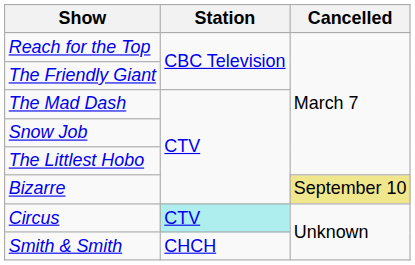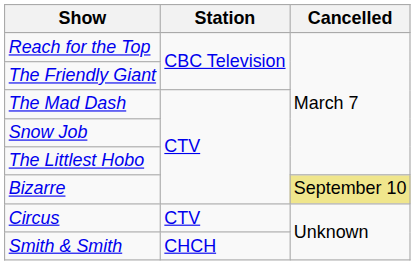 <table class="wikitable">
 <tr>
 <th>Show</th>
 <th>Station</th>
 <th>Cancelled</th>
 </tr>
 <tr>
 <td><em><a href='#'>Reach for the Top</a></em></td>
 <td rowspan="2"><a href='#'>CBC Television</a></td>
 <td rowspan="5">March 7</td>
 </tr>
 <tr>
 <td><em><a href='#'>The Friendly Giant</a></em></td>
 </tr>
 <tr>
 <td><em><a href='#'>The Mad Dash</a></em></td>
 <td rowspan="4"><a href='#'>CTV</a></td>
 </tr>
 <tr>
 <td><em><a href='#'>Snow Job</a></em></td>
 </tr>
 <tr>
 <td><em><a href='#'>The Littlest Hobo</a></em></td>
 </tr>
 <tr>
 <td><em><a href='#'>Bizarre</a></em></td>
 <td style="background: khaki;">September 10</td>
 </tr>
 <tr>
 <td><em><a href='#'>Circus</a></em></td>
-<td style="background: paleturquoise;"><a href='#'>CTV</a></td>
+<td><a href='#'>CTV</a></td>
 <td rowspan=2>Unknown</td>
 </tr>
 <tr>
 <td><em><a href='#'>Smith & Smith</a></em></td>
 <td><a href='#'>CHCH</a></td>
 </tr>
 </table>
